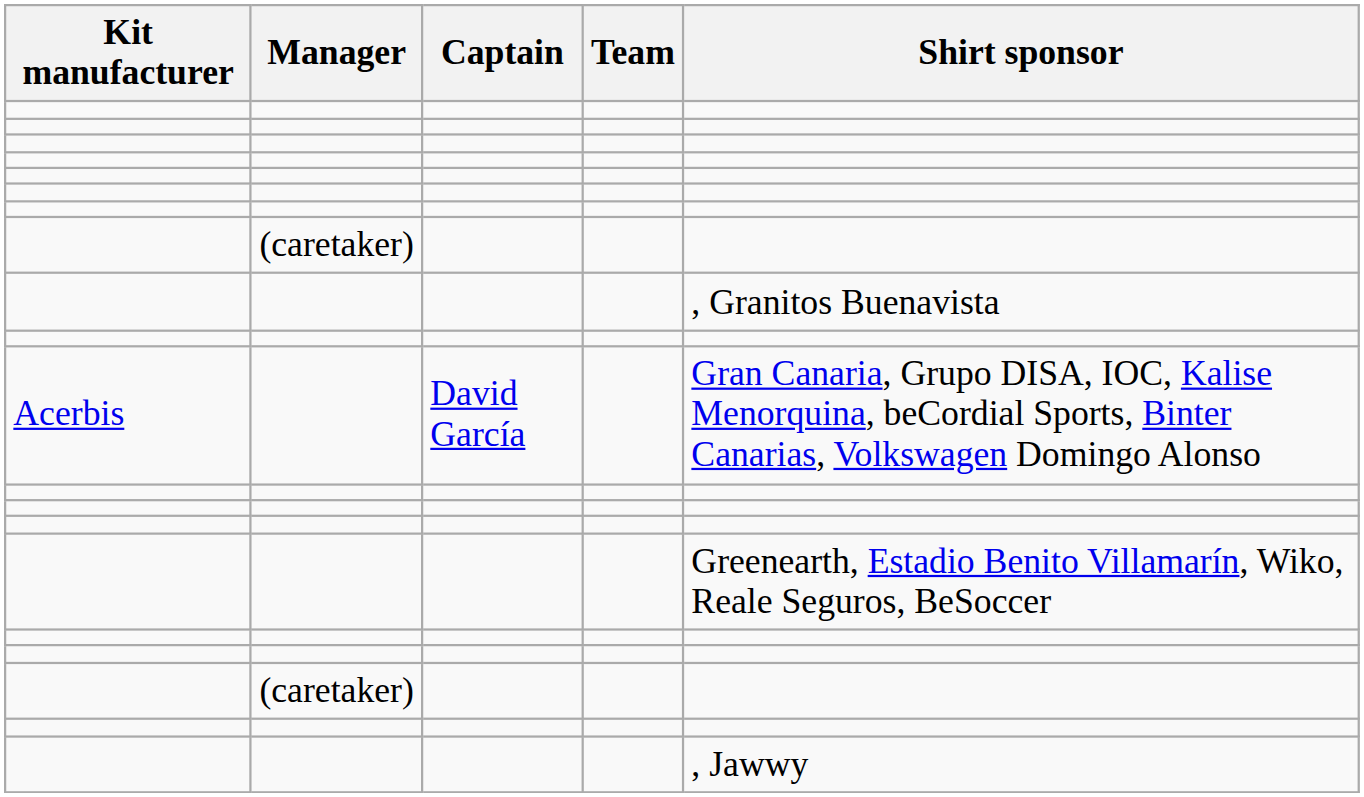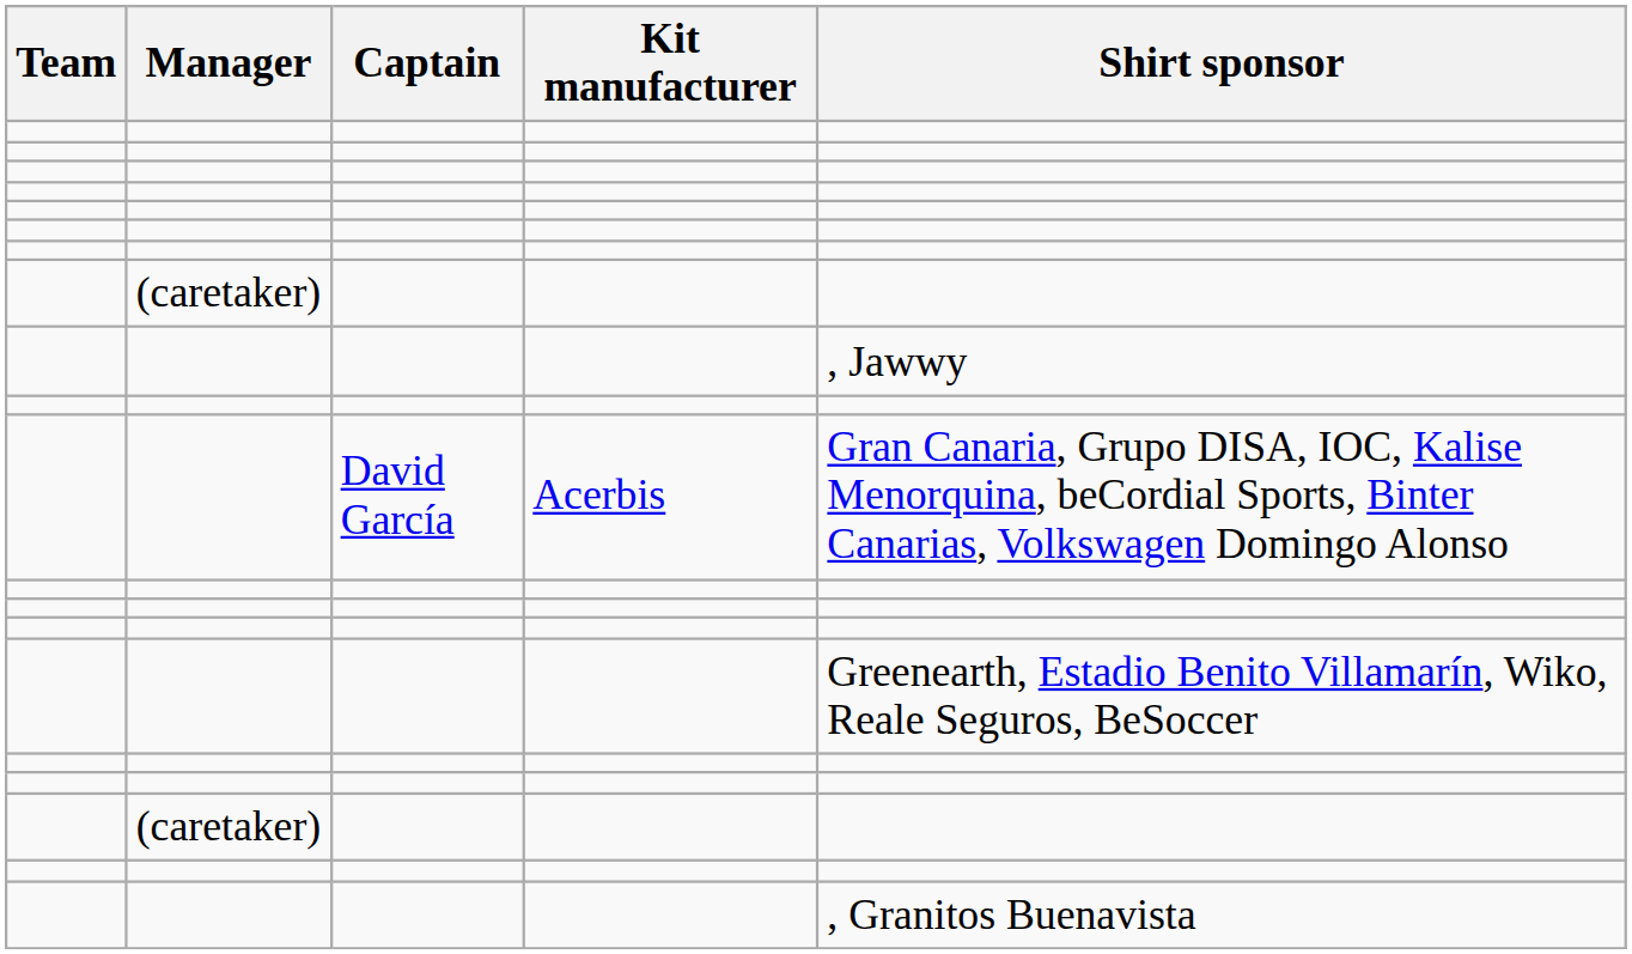 <table class="wikitable sortable" style="text-align: left;">
 <tr>
-<th>Kit manufacturer</th>
+<th>Team</th>
 <th>Manager</th>
 <th>Captain</th>
-<th>Team</th>
+<th>Kit manufacturer</th>
 <th>Shirt sponsor</th>
 </tr>
 <tr>
 <td></td>
 <td></td>
 <td></td>
 <td></td>
 <td></td>
 </tr>
 <tr>
 <td></td>
 <td></td>
 <td></td>
 <td></td>
 <td></td>
 </tr>
 <tr>
 <td></td>
 <td></td>
 <td></td>
 <td></td>
 <td></td>
 </tr>
 <tr>
 <td></td>
 <td></td>
 <td></td>
 <td></td>
 <td></td>
 </tr>
 <tr>
 <td></td>
 <td></td>
 <td></td>
 <td></td>
 <td></td>
 </tr>
 <tr>
 <td></td>
 <td></td>
 <td></td>
 <td></td>
 <td></td>
 </tr>
 <tr>
 <td></td>
 <td></td>
 <td></td>
 <td></td>
 <td></td>
 </tr>
 <tr>
 <td></td>
 <td> (caretaker)</td>
 <td></td>
 <td></td>
 <td></td>
 </tr>
 <tr>
 <td></td>
 <td></td>
 <td></td>
 <td></td>
-<td>, Granitos Buenavista</td>
+<td>, Jawwy</td>
 </tr>
 <tr>
 <td></td>
 <td></td>
 <td></td>
 <td></td>
 <td></td>
 </tr>
 <tr>
-<td><a href='#'>Acerbis</a></td>
+<td></td>
 <td> </td>
 <td> <a href='#'>David García</a></td>
-<td></td>
+<td><a href='#'>Acerbis</a></td>
 <td><a href='#'>Gran Canaria</a>, Grupo DISA, IOC, <a href='#'>Kalise Menorquina</a>, beCordial Sports, <a href='#'>Binter Canarias</a>, <a href='#'>Volkswagen</a> Domingo Alonso</td>
 </tr>
 <tr>
 <td></td>
 <td></td>
 <td></td>
 <td></td>
 <td></td>
 </tr>
 <tr>
 <td></td>
 <td></td>
 <td></td>
 <td></td>
 <td></td>
 </tr>
 <tr>
 <td></td>
 <td></td>
 <td></td>
 <td></td>
 <td></td>
 </tr>
 <tr>
 <td></td>
 <td></td>
 <td></td>
 <td></td>
 <td>Greenearth, <a href='#'>Estadio Benito Villamarín</a>, Wiko, Reale Seguros, BeSoccer</td>
 </tr>
 <tr>
 <td></td>
 <td></td>
 <td></td>
 <td></td>
 <td></td>
 </tr>
 <tr>
 <td></td>
 <td></td>
 <td></td>
 <td></td>
 <td></td>
 </tr>
 <tr>
 <td></td>
 <td> (caretaker)</td>
 <td></td>
 <td></td>
 <td></td>
 </tr>
 <tr>
 <td></td>
 <td></td>
 <td></td>
 <td></td>
 <td></td>
 </tr>
 <tr>
 <td></td>
 <td></td>
 <td></td>
 <td></td>
-<td>, Jawwy</td>
+<td>, Granitos Buenavista</td>
 </tr>
 </table>
